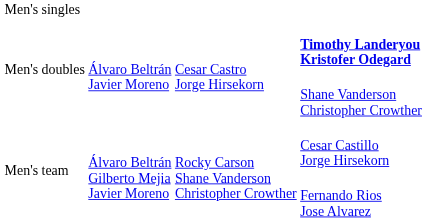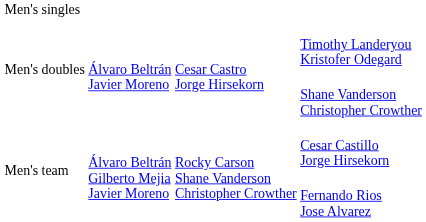 <table>
 <tr>
 <td rowspan=2>Men's singles <br></td>
 <td rowspan=2></td>
 <td rowspan=2></td>
 <td></td>
 </tr>
 <tr>
 <td></td>
 </tr>
 <tr>
 <td rowspan=2>Men's doubles <br></td>
 <td rowspan=2><br><a href='#'>Álvaro Beltrán</a><br> <a href='#'>Javier Moreno</a></td>
 <td rowspan=2><br><a href='#'>Cesar Castro</a><br><a href='#'>Jorge Hirsekorn</a></td>
-<td><strong><br><a href='#'>Timothy Landeryou</a><br><a href='#'>Kristofer Odegard</a></strong></td>
+<td><br><a href='#'>Timothy Landeryou</a><br><a href='#'>Kristofer Odegard</a></td>
 </tr>
 <tr>
 <td><br><a href='#'>Shane Vanderson</a><br><a href='#'>Christopher Crowther</a></td>
 </tr>
 <tr>
 <td rowspan=2>Men's team <br></td>
 <td rowspan=2><br><a href='#'>Álvaro Beltrán</a><br><a href='#'>Gilberto Mejia</a><br> <a href='#'>Javier Moreno</a></td>
 <td rowspan=2><br><a href='#'>Rocky Carson</a><br><a href='#'>Shane Vanderson</a><br><a href='#'>Christopher Crowther</a></td>
 <td><br><a href='#'>Cesar Castillo</a><br><a href='#'>Jorge Hirsekorn</a></td>
 </tr>
 <tr>
 <td><br><a href='#'>Fernando Rios</a><br><a href='#'>Jose Alvarez</a></td>
 </tr>
 </table>
